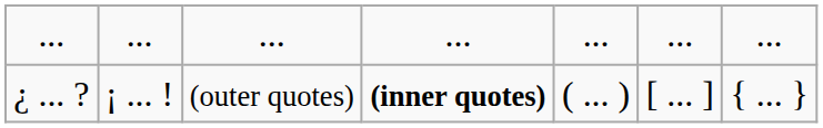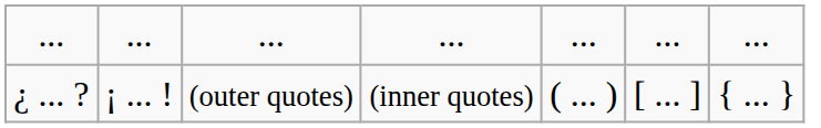 <table class="wikitable" style="line-height: 1.2">
 <tr align=center>
 <td>...</td>
 <td>...</td>
 <td>...</td>
 <td>...</td>
 <td>...</td>
 <td>...</td>
 <td>...</td>
 </tr>
 <tr align=center>
 <td>¿ ... ?</td>
 <td>¡ ... !</td>
 <td><small>(outer quotes)</small></td>
-<td><strong><small>(inner quotes)</small></strong></td>
+<td><small>(inner quotes)</small></td>
 <td>( ... )</td>
 <td>[ ... ]</td>
 <td>{ ... }</td>
 </tr>
 </table>
